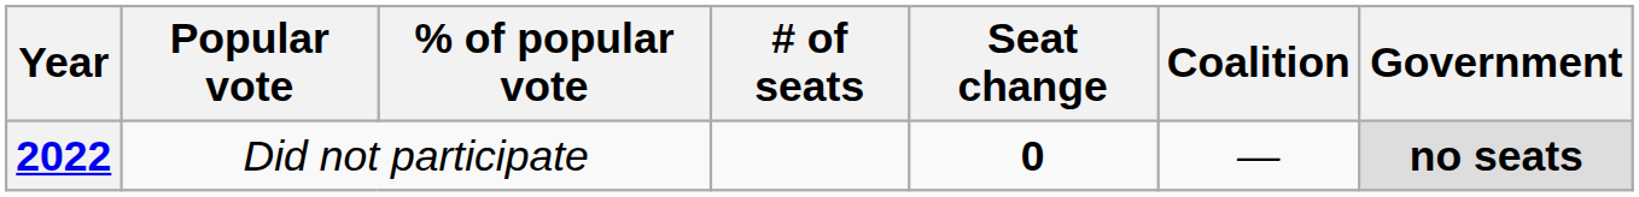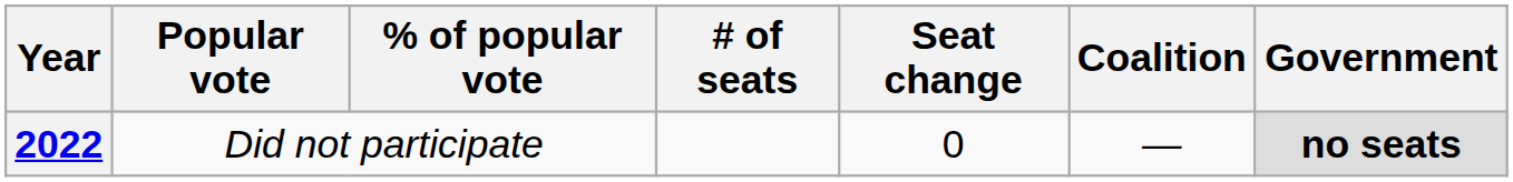 <table class="wikitable" style="text-align:center">
 <tr>
 <th>Year</th>
 <th>Popular vote</th>
 <th>% of popular vote</th>
 <th># of seats</th>
 <th>Seat change</th>
 <th>Coalition</th>
 <th rowspan="1">Government</th>
 </tr>
 <tr>
 <th><a href='#'>2022</a></th>
 <td colspan="2"><em>Did not participate</em></td>
 <td></td>
-<td><strong> 0</strong></td>
+<td> 0</td>
 <td><em>—</em></td>
 <td style="background:#ddd;"><strong>no seats</strong></td>
 </tr>
 </table>
